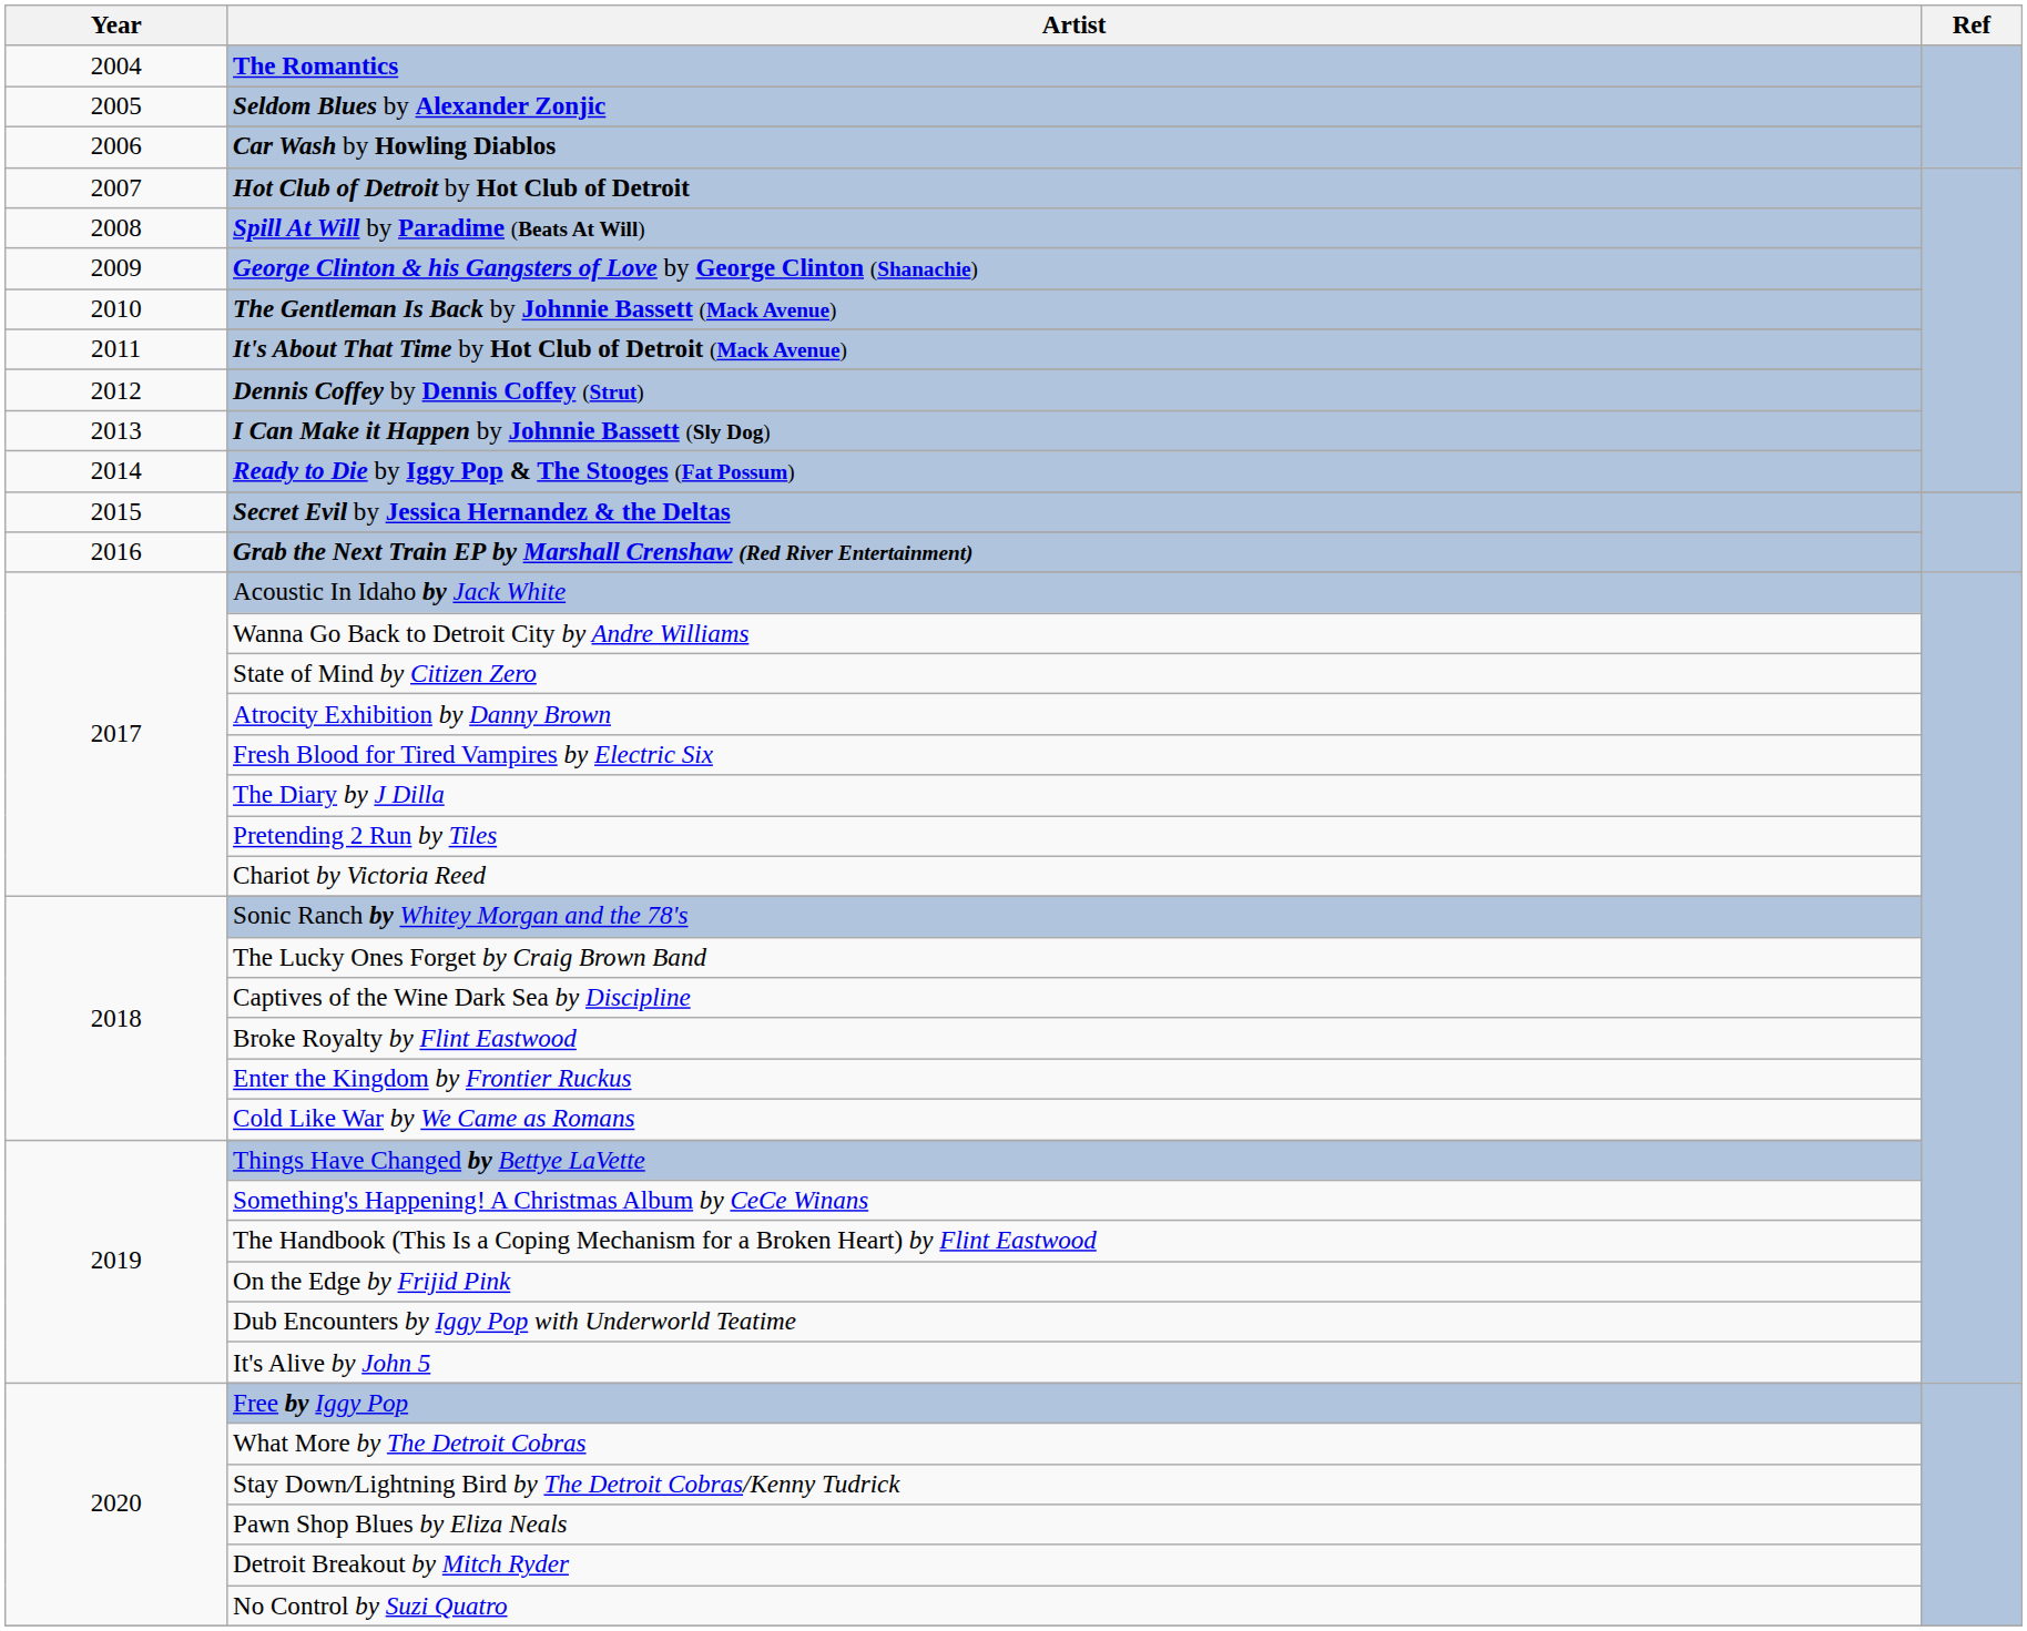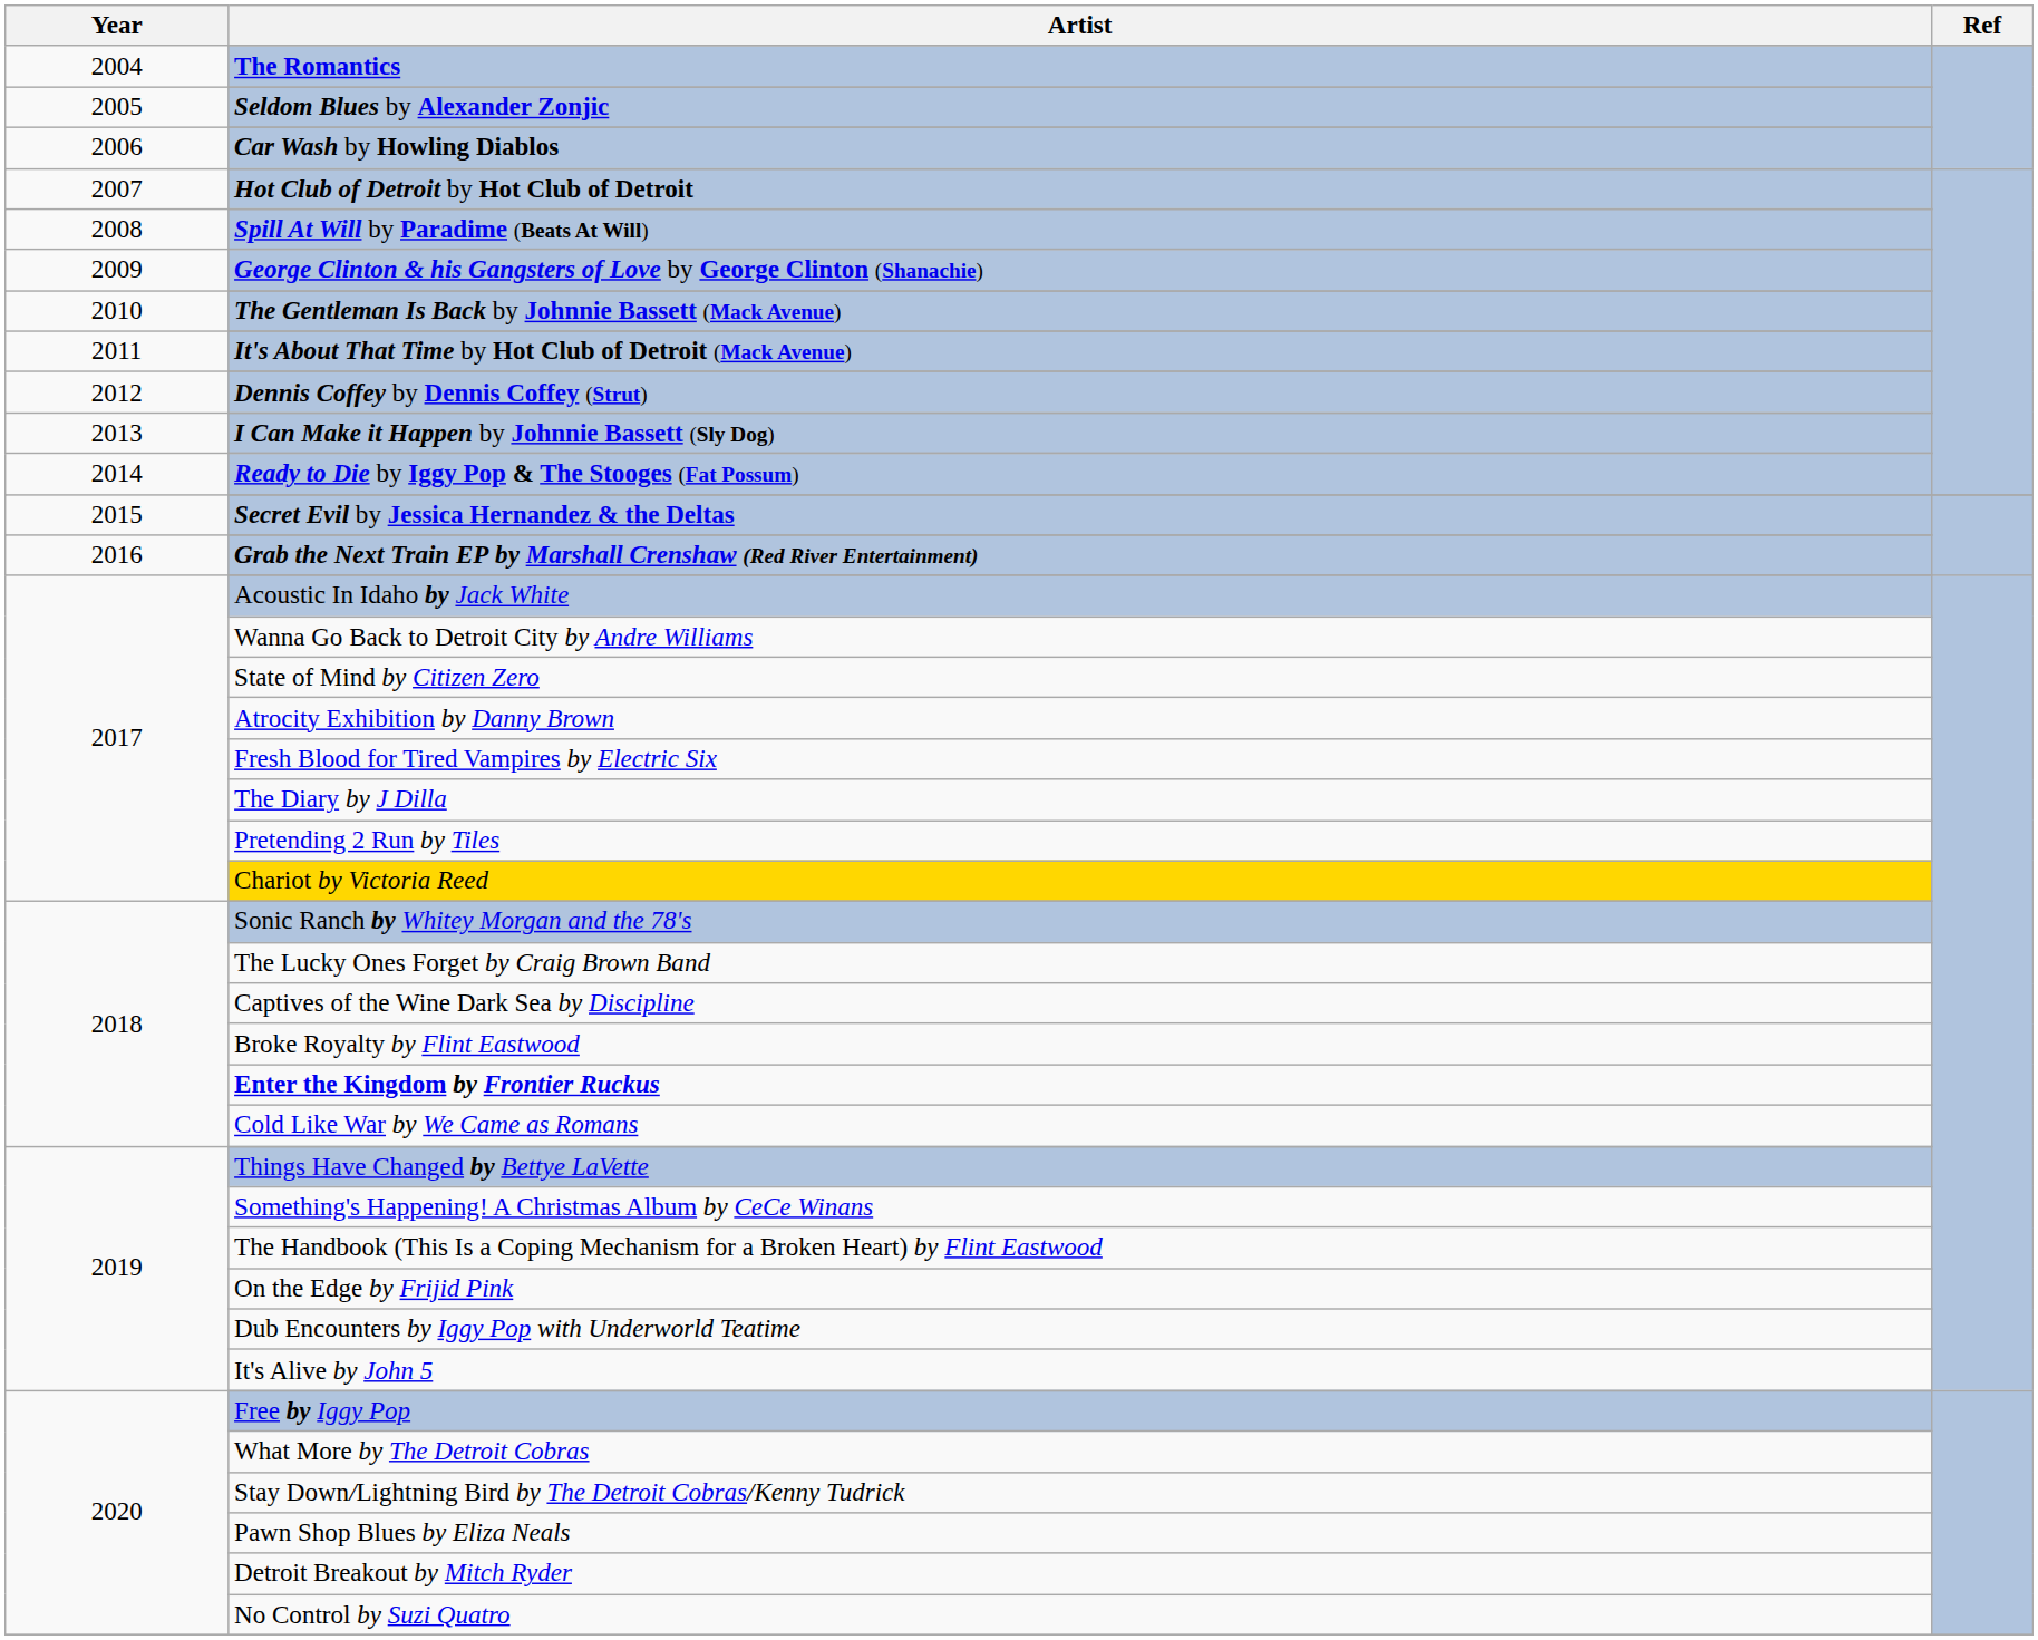 <table class="wikitable" style="width:100%;">
 <tr>
 <th style="width:11%;">Year</th>
 <th style="width:84%;">Artist</th>
 <th style="width:5%;">Ref</th>
 </tr>
 <tr>
 <td rowspan="2" align="center">2004</td>
 </tr>
 <tr style="background:#B0C4DE">
 <td><strong><a href='#'>The Romantics</a></strong></td>
 <td rowspan="6"></td>
 </tr>
 <tr>
 <td rowspan="2" align="center">2005</td>
 </tr>
 <tr style="background:#B0C4DE">
 <td><strong><em>Seldom Blues</em></strong> by <strong><a href='#'>Alexander Zonjic</a></strong></td>
 </tr>
 <tr>
 <td rowspan="2" align="center">2006</td>
 </tr>
 <tr style="background:#B0C4DE">
 <td><strong><em>Car Wash</em></strong> by <strong>Howling Diablos</strong></td>
 </tr>
 <tr>
 <td rowspan="2" align="center">2007</td>
 </tr>
 <tr style="background:#B0C4DE">
 <td><strong><em>Hot Club of Detroit</em></strong> by <strong>Hot Club of Detroit</strong></td>
 <td rowspan="15" align="center"></td>
 </tr>
 <tr>
 <td rowspan="2" align="center">2008</td>
 </tr>
 <tr style="background:#B0C4DE">
 <td><strong><em><a href='#'>Spill At Will</a></em></strong> by <strong><a href='#'>Paradime</a></strong> <small>(<strong>Beats At Will</strong>)</small></td>
 </tr>
 <tr>
 <td rowspan="2" align="center">2009</td>
 </tr>
 <tr style="background:#B0C4DE">
 <td><strong><em><a href='#'>George Clinton & his Gangsters of Love</a></em></strong> by <strong><a href='#'>George Clinton</a></strong> <small>(<strong><a href='#'>Shanachie</a></strong>)</small></td>
 </tr>
 <tr>
 <td rowspan="2" align="center">2010</td>
 </tr>
 <tr style="background:#B0C4DE">
 <td><strong><em>The Gentleman Is Back</em></strong> by <strong><a href='#'>Johnnie Bassett</a></strong> <small>(<strong><a href='#'>Mack Avenue</a></strong>)</small></td>
 </tr>
 <tr>
 <td rowspan="2" align="center">2011</td>
 </tr>
 <tr style="background:#B0C4DE">
 <td><strong><em>It's About That Time</em></strong> by <strong>Hot Club of Detroit</strong> <small>(<strong><a href='#'>Mack Avenue</a></strong>)</small></td>
 </tr>
 <tr>
 <td rowspan="2" align="center">2012</td>
 </tr>
 <tr style="background:#B0C4DE">
 <td><strong><em>Dennis Coffey</em></strong> by <strong><a href='#'>Dennis Coffey</a></strong> <small>(<strong><a href='#'>Strut</a></strong>)</small></td>
 </tr>
 <tr>
 <td rowspan="2" align="center">2013</td>
 </tr>
 <tr style="background:#B0C4DE">
 <td><strong><em>I Can Make it Happen</em></strong> by <strong><a href='#'>Johnnie Bassett</a></strong> <small>(<strong>Sly Dog</strong>)</small></td>
 </tr>
 <tr>
 <td rowspan="2" align="center">2014</td>
 </tr>
 <tr style="background:#B0C4DE">
 <td><strong><em><a href='#'>Ready to Die</a></em></strong> by <strong><a href='#'>Iggy Pop</a> & <a href='#'>The Stooges</a></strong> <small>(<strong><a href='#'>Fat Possum</a></strong>)</small></td>
 </tr>
 <tr>
 <td rowspan="2" align="center">2015</td>
 </tr>
 <tr style="background:#B0C4DE">
 <td><strong><em>Secret Evil</em></strong> by <strong><a href='#'>Jessica Hernandez & the Deltas</a></strong></td>
 <td rowspan="4" align="center"></td>
 </tr>
 <tr>
 <td rowspan="2" align="center">2016</td>
 </tr>
 <tr style="background:#B0C4DE">
 <td><strong><em>Grab the Next Train<em> EP<strong> by </strong><a href='#'>Marshall Crenshaw</a><strong> <small>(</strong>Red River Entertainment<strong>)</small></td>
 </tr>
 <tr>
 <td rowspan="9" align="center">2017</td>
 </tr>
 <tr style="background:#B0C4DE">
 <td></em></strong>Acoustic In Idaho<strong><em> by </strong><a href='#'>Jack White</a><strong></td>
 <td rowspan="23" align="center"></td>
 </tr>
 <tr>
 <td></em>Wanna Go Back to Detroit City<em> by <a href='#'>Andre Williams</a></td>
 </tr>
 <tr>
 <td></em>State of Mind<em> by <a href='#'>Citizen Zero</a></td>
 </tr>
 <tr>
 <td></em><a href='#'>Atrocity Exhibition</a><em> by <a href='#'>Danny Brown</a></td>
 </tr>
 <tr>
 <td></em><a href='#'>Fresh Blood for Tired Vampires</a><em> by <a href='#'>Electric Six</a></td>
 </tr>
 <tr>
 <td></em><a href='#'>The Diary</a><em> by <a href='#'>J Dilla</a></td>
 </tr>
 <tr>
 <td></em><a href='#'>Pretending 2 Run</a><em> by <a href='#'>Tiles</a></td>
 </tr>
 <tr>
-<td></em>Chariot<em> by Victoria Reed</td>
+<td style="background: gold;"></em>Chariot<em> by Victoria Reed</td>
 </tr>
 <tr>
 <td rowspan="7" align="center">2018</td>
 </tr>
 <tr style="background:#B0C4DE">
 <td></em></strong>Sonic Ranch<strong><em> by </strong><a href='#'>Whitey Morgan and the 78's</a><strong></td>
 </tr>
 <tr>
 <td></em>The Lucky Ones Forget<em> by Craig Brown Band</td>
 </tr>
 <tr>
 <td></em>Captives of the Wine Dark Sea<em> by <a href='#'>Discipline</a></td>
 </tr>
 <tr>
 <td></em>Broke Royalty<em> by <a href='#'>Flint Eastwood</a></td>
 </tr>
 <tr>
-<td></em><a href='#'>Enter the Kingdom</a><em> by <a href='#'>Frontier Ruckus</a></td>
+<td><strong></em><a href='#'>Enter the Kingdom</a><em> by <a href='#'>Frontier Ruckus</a></strong></td>
 </tr>
 <tr>
 <td></em><a href='#'>Cold Like War</a><em> by <a href='#'>We Came as Romans</a></td>
 </tr>
 <tr>
 <td rowspan="7" align="center">2019</td>
 </tr>
 <tr style="background:#B0C4DE">
 <td></em></strong><a href='#'>Things Have Changed</a><strong><em> by </strong><a href='#'>Bettye LaVette</a><strong></td>
 </tr>
 <tr>
 <td></em><a href='#'>Something's Happening! A Christmas Album</a><em> by <a href='#'>CeCe Winans</a></td>
 </tr>
 <tr>
 <td></em>The Handbook (This Is a Coping Mechanism for a Broken Heart)<em> by <a href='#'>Flint Eastwood</a></td>
 </tr>
 <tr>
 <td></em>On the Edge<em> by <a href='#'>Frijid Pink</a></td>
 </tr>
 <tr>
 <td></em>Dub Encounters<em> by <a href='#'>Iggy Pop</a> with Underworld Teatime</td>
 </tr>
 <tr>
 <td></em>It's Alive<em> by <a href='#'>John 5</a></td>
 </tr>
 <tr>
 <td rowspan="7" align="center">2020</td>
 </tr>
 <tr style="background:#B0C4DE">
 <td></em></strong><a href='#'>Free</a><strong><em> by </strong><a href='#'>Iggy Pop</a><strong></td>
 <td rowspan="6" align="center"></td>
 </tr>
 <tr>
 <td></em>What More<em> by <a href='#'>The Detroit Cobras</a></td>
 </tr>
 <tr>
 <td></em>Stay Down<em>/</em>Lightning Bird<em> by <a href='#'>The Detroit Cobras</a>/Kenny Tudrick</td>
 </tr>
 <tr>
 <td></em>Pawn Shop Blues<em> by Eliza Neals</td>
 </tr>
 <tr>
 <td></em>Detroit Breakout<em> by <a href='#'>Mitch Ryder</a></td>
 </tr>
 <tr>
 <td></em>No Control<em> by <a href='#'>Suzi Quatro</a></td>
 </tr>
 <tr>
 </tr>
 </table>
